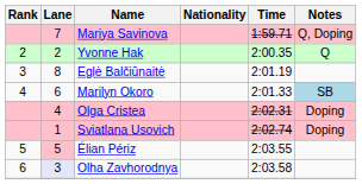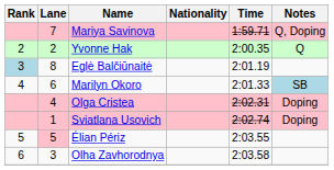 <table class="wikitable sortable" style="text-align:center">
 <tr>
 <th>Rank</th>
 <th>Lane</th>
 <th>Name</th>
 <th>Nationality</th>
 <th>Time</th>
 <th>Notes</th>
 </tr>
 <tr bgcolor=pink>
 <td></td>
 <td>7</td>
 <td align="left"><a href='#'>Mariya Savinova</a></td>
 <td align=left></td>
 <td><s>1:59.71 </s></td>
 <td>Q, Doping</td>
 </tr>
 <tr bgcolor=ccffcc>
 <td>2</td>
 <td>2</td>
 <td align="left"><a href='#'>Yvonne Hak</a></td>
 <td align=left></td>
 <td>2:00.35</td>
 <td>Q</td>
 </tr>
 <tr>
-<td>3</td>
+<td style="background: lightblue;">3</td>
 <td>8</td>
 <td align="left"><a href='#'>Eglė Balčiūnaitė</a></td>
 <td align=left></td>
 <td>2:01.19</td>
 <td></td>
 </tr>
 <tr>
 <td>4</td>
 <td>6</td>
 <td align="left"><a href='#'>Marilyn Okoro</a></td>
 <td align=left></td>
 <td>2:01.33</td>
 <td style="background: lightblue;">SB</td>
 </tr>
 <tr bgcolor=pink>
 <td></td>
 <td>4</td>
 <td align="left"><a href='#'>Olga Cristea</a></td>
 <td align=left></td>
 <td><s>2:02.31 </s></td>
 <td>Doping</td>
 </tr>
 <tr bgcolor=pink>
 <td></td>
 <td>1</td>
 <td align="left"><a href='#'>Sviatlana Usovich</a></td>
 <td align=left></td>
 <td><s>2:02.74 </s></td>
 <td>Doping</td>
 </tr>
 <tr>
 <td>5</td>
 <td style="background: pink;">5</td>
 <td align="left"><a href='#'>Élian Périz</a></td>
 <td align=left></td>
 <td>2:03.55</td>
 <td></td>
 </tr>
 <tr>
 <td>6</td>
-<td style="background: lavender;">3</td>
+<td>3</td>
 <td align="left"><a href='#'>Olha Zavhorodnya</a></td>
 <td align=left></td>
 <td>2:03.58</td>
 <td></td>
 </tr>
 <tr>
 </tr>
 </table>
